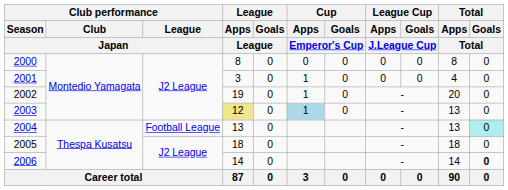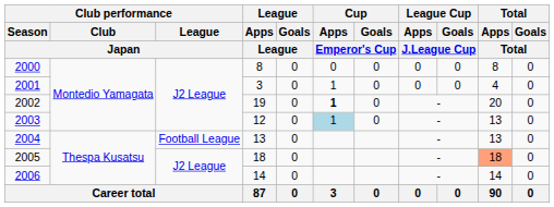 <table class="wikitable" style="text-align:center">
 <tr>
 <th colspan=3>Club performance</th>
 <th colspan=2>League</th>
 <th colspan=2>Cup</th>
 <th colspan=2>League Cup</th>
 <th colspan=2>Total</th>
 </tr>
 <tr>
 <th>Season</th>
 <th>Club</th>
 <th>League</th>
 <th>Apps</th>
 <th>Goals</th>
 <th>Apps</th>
 <th>Goals</th>
 <th>Apps</th>
 <th>Goals</th>
 <th>Apps</th>
 <th>Goals</th>
 </tr>
 <tr>
 <th colspan=3>Japan</th>
 <th colspan=2>League</th>
 <th colspan=2><a href='#'>Emperor's Cup</a></th>
 <th colspan=2><a href='#'>J.League Cup</a></th>
 <th colspan=2>Total</th>
 </tr>
 <tr>
 <td><a href='#'>2000</a></td>
 <td rowspan="4"><a href='#'>Montedio Yamagata</a></td>
 <td rowspan="4"><a href='#'>J2 League</a></td>
 <td>8</td>
 <td>0</td>
 <td>0</td>
 <td>0</td>
 <td>0</td>
 <td>0</td>
 <td>8</td>
 <td>0</td>
 </tr>
 <tr>
 <td><a href='#'>2001</a></td>
 <td>3</td>
 <td>0</td>
 <td>1</td>
 <td>0</td>
 <td>0</td>
 <td>0</td>
 <td>4</td>
 <td>0</td>
 </tr>
 <tr>
 <td>2002</td>
 <td>19</td>
 <td>0</td>
-<td>1</td>
+<td><strong>1</strong></td>
 <td>0</td>
 <td colspan="2">-</td>
 <td>20</td>
 <td>0</td>
 </tr>
 <tr>
 <td><a href='#'>2003</a></td>
-<td style="background: khaki;">12</td>
+<td>12</td>
 <td>0</td>
 <td style="background: lightblue;">1</td>
 <td>0</td>
 <td colspan="2">-</td>
 <td>13</td>
 <td>0</td>
 </tr>
 <tr>
 <td><a href='#'>2004</a></td>
 <td rowspan="3"><a href='#'>Thespa Kusatsu</a></td>
 <td><a href='#'>Football League</a></td>
 <td>13</td>
 <td>0</td>
 <td></td>
 <td></td>
 <td colspan="2">-</td>
 <td>13</td>
-<td style="background: paleturquoise;">0</td>
+<td>0</td>
 </tr>
 <tr>
 <td>2005</td>
 <td rowspan="2"><a href='#'>J2 League</a></td>
 <td>18</td>
 <td>0</td>
 <td></td>
 <td></td>
 <td colspan="2">-</td>
-<td>18</td>
+<td style="background: lightsalmon;">18</td>
 <td>0</td>
 </tr>
 <tr>
 <td><a href='#'>2006</a></td>
 <td>14</td>
 <td>0</td>
 <td></td>
 <td></td>
 <td colspan="2">-</td>
 <td>14</td>
-<td><strong>0</strong></td>
+<td>0</td>
 </tr>
 <tr>
 <th colspan=3>Career total</th>
 <th>87</th>
 <th>0</th>
 <th>3</th>
 <th>0</th>
 <th>0</th>
 <th>0</th>
 <th>90</th>
 <th>0</th>
 </tr>
 </table>
